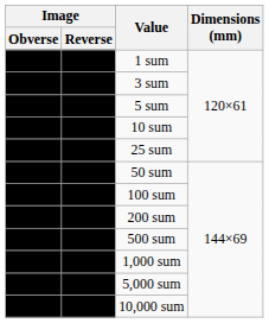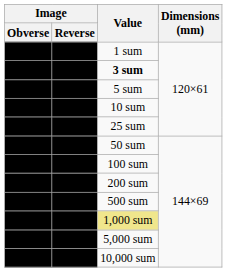 <table class="wikitable" style="text-align: center">
 <tr>
 <th colspan="2">Image</th>
 <th rowspan="2">Value</th>
 <th rowspan="2">Dimensions<br>(mm)</th>
 </tr>
 <tr>
 <th>Obverse</th>
 <th>Reverse</th>
 </tr>
 <tr>
 <td bgcolor="#000000"></td>
 <td bgcolor="#000000"></td>
 <td>1 sum</td>
 <td rowspan="5">120×61</td>
 </tr>
 <tr>
 <td bgcolor="#000000"></td>
 <td bgcolor="#000000"></td>
-<td>3 sum</td>
+<td><strong>3 sum</strong></td>
 </tr>
 <tr>
 <td bgcolor="#000000"></td>
 <td bgcolor="#000000"></td>
 <td>5 sum</td>
 </tr>
 <tr>
 <td bgcolor="#000000"></td>
 <td bgcolor="#000000"></td>
 <td>10 sum</td>
 </tr>
 <tr>
 <td bgcolor="#000000"></td>
 <td bgcolor="#000000"></td>
 <td>25 sum</td>
 </tr>
 <tr>
 <td bgcolor="#000000"></td>
 <td bgcolor="#000000"></td>
 <td>50 sum</td>
 <td rowspan="7">144×69</td>
 </tr>
 <tr>
 <td bgcolor="#000000"></td>
 <td bgcolor="#000000"></td>
 <td>100 sum</td>
 </tr>
 <tr>
 <td bgcolor="#000000"></td>
 <td bgcolor="#000000"></td>
 <td>200 sum</td>
 </tr>
 <tr>
 <td bgcolor="#000000"></td>
 <td bgcolor="#000000"></td>
 <td>500 sum</td>
 </tr>
 <tr>
 <td bgcolor="#000000"></td>
 <td bgcolor="#000000"></td>
-<td>1,000 sum</td>
+<td style="background: khaki;">1,000 sum</td>
 </tr>
 <tr>
 <td bgcolor="#000000"></td>
 <td bgcolor="#000000"></td>
 <td>5,000 sum</td>
 </tr>
 <tr>
 <td bgcolor="#000000"></td>
 <td bgcolor="#000000"></td>
 <td>10,000 sum</td>
 </tr>
 </table>
